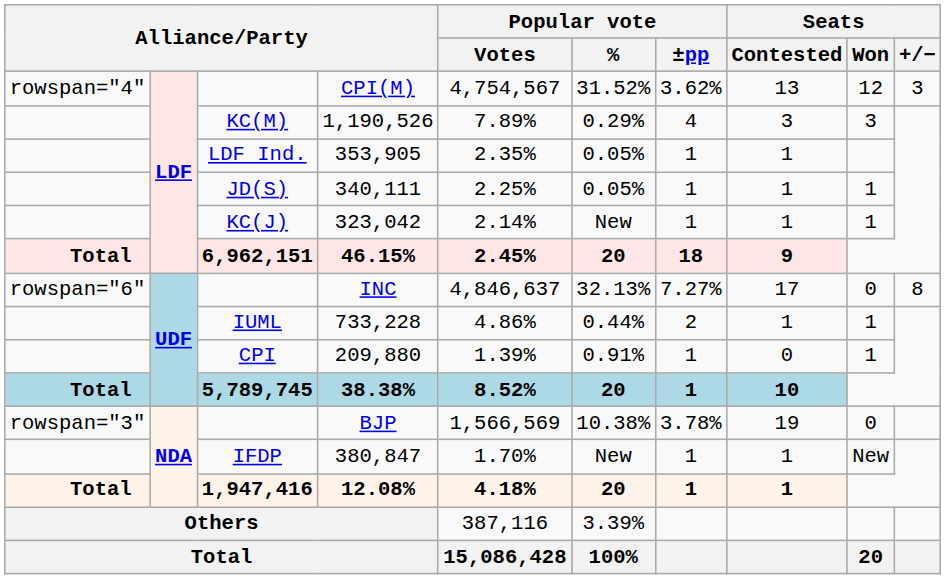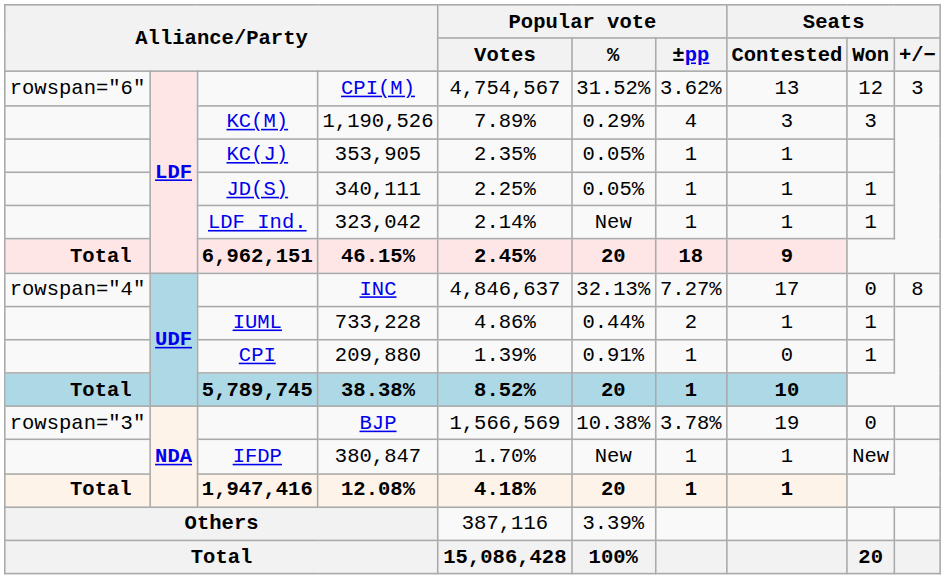 <table class="wikitable sortable" style="text-align:center;">
 <tr>
 <th colspan="4" rowspan="2">Alliance/Party</th>
 <th colspan="3">Popular vote</th>
 <th colspan="3">Seats</th>
 </tr>
 <tr>
 <th>Votes</th>
 <th>%</th>
 <th>±<a href='#'>pp</a></th>
 <th>Contested</th>
 <th>Won</th>
 <th><strong>+/−</strong></th>
 </tr>
 <tr>
-<td>rowspan="4" </td>
+<td>rowspan="6" </td>
 <th rowspan="6"style="background:#FFE6E6"><a href='#'>LDF</a></th>
 <td></td>
 <td><a href='#'>CPI(M)</a></td>
 <td>4,754,567</td>
 <td>31.52%</td>
 <td> 3.62%</td>
 <td>13</td>
 <td>12</td>
 <td> 3</td>
 </tr>
 <tr>
 <td></td>
 <td><a href='#'>KC(M)</a></td>
 <td>1,190,526</td>
 <td>7.89%</td>
 <td> 0.29%</td>
 <td>4</td>
 <td>3</td>
 <td> 3</td>
 </tr>
 <tr>
 <td></td>
-<td><a href='#'>LDF Ind.</a></td>
+<td><a href='#'>KC(J)</a></td>
 <td>353,905</td>
 <td>2.35%</td>
 <td> 0.05%</td>
 <td>1</td>
 <td>1</td>
 <td></td>
 </tr>
 <tr>
 <td></td>
 <td><a href='#'>JD(S)</a></td>
 <td>340,111</td>
 <td>2.25%</td>
 <td> 0.05%</td>
 <td>1</td>
 <td>1</td>
 <td> 1</td>
 </tr>
 <tr>
 <td></td>
-<td><a href='#'>KC(J)</a></td>
+<td><a href='#'>LDF Ind.</a></td>
 <td>323,042</td>
 <td>2.14%</td>
 <td>New</td>
 <td>1</td>
 <td>1</td>
 <td> 1</td>
 </tr>
 <tr>
 <th colspan="2"style="background:#FFE6E6">Total</th>
 <th style="background:#FFE6E6">6,962,151</th>
 <th style="background:#FFE6E6">46.15%</th>
 <th style="background:#FFE6E6"> 2.45%</th>
 <th style="background:#FFE6E6">20</th>
 <th style="background:#FFE6E6">18</th>
 <th style="background:#FFE6E6"> 9</th>
 </tr>
 <tr>
-<td>rowspan="6" </td>
+<td>rowspan="4" </td>
 <th rowspan="4"style="background:#ADD8E6"><a href='#'>UDF</a></th>
 <td></td>
 <td><a href='#'>INC</a></td>
 <td>4,846,637</td>
 <td>32.13%</td>
 <td> 7.27%</td>
 <td>17</td>
 <td>0</td>
 <td> 8</td>
 </tr>
 <tr>
 <td></td>
 <td><a href='#'>IUML</a></td>
 <td>733,228</td>
 <td>4.86%</td>
 <td> 0.44%</td>
 <td>2</td>
 <td>1</td>
 <td> 1</td>
 </tr>
 <tr>
 <td></td>
 <td><a href='#'>CPI</a></td>
 <td>209,880</td>
 <td>1.39%</td>
 <td> 0.91%</td>
 <td>1</td>
 <td>0</td>
 <td> 1</td>
 </tr>
 <tr>
 <th colspan="2"style="background:#ADD8E6">Total</th>
 <th style="background:#ADD8E6">5,789,745</th>
 <th style="background:#ADD8E6">38.38%</th>
 <th style="background:#ADD8E6"> 8.52%</th>
 <th style="background:#ADD8E6">20</th>
 <th style="background:#ADD8E6">1</th>
 <th style="background:#ADD8E6"> 10</th>
 </tr>
 <tr>
 <td>rowspan="3" </td>
 <th rowspan="3"style="background:#fef3e8"><a href='#'>NDA</a></th>
 <td></td>
 <td><a href='#'>BJP</a></td>
 <td>1,566,569</td>
 <td>10.38%</td>
 <td> 3.78%</td>
 <td>19</td>
 <td>0</td>
 <td></td>
 </tr>
 <tr>
 <td></td>
 <td><a href='#'>IFDP</a></td>
 <td>380,847</td>
 <td>1.70%</td>
 <td>New</td>
 <td>1</td>
 <td>1</td>
 <td>New</td>
 </tr>
 <tr>
 <th colspan="2"style="background:#fef3e8">Total</th>
 <th style="background:#fef3e8">1,947,416</th>
 <th style="background:#fef3e8">12.08%</th>
 <th style="background:#fef3e8"> 4.18%</th>
 <th style="background:#fef3e8">20</th>
 <th style="background:#fef3e8">1</th>
 <th style="background:#fef3e8"> 1</th>
 </tr>
 <tr>
 <th colspan=4>Others</th>
 <td>387,116</td>
 <td>3.39%</td>
 <td></td>
 <td></td>
 <td></td>
 <td></td>
 </tr>
 <tr>
 <th colspan=4>Total</th>
 <th>15,086,428</th>
 <th>100%</th>
 <th></th>
 <th></th>
 <th>20</th>
 <th></th>
 </tr>
 </table>
